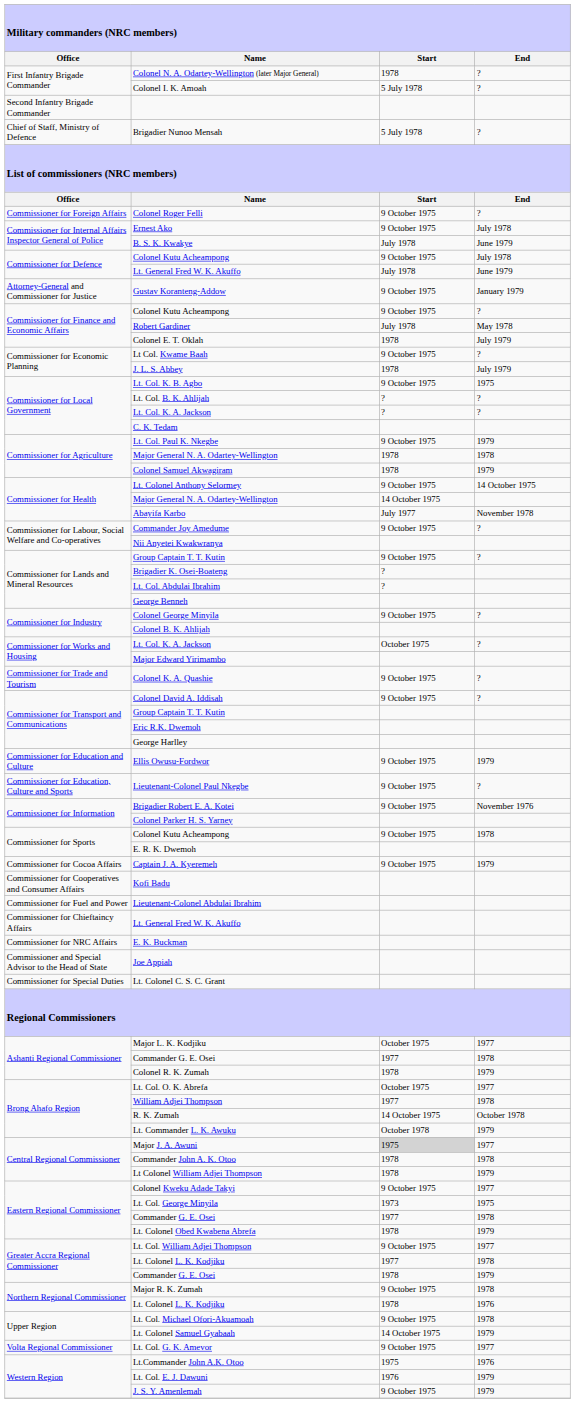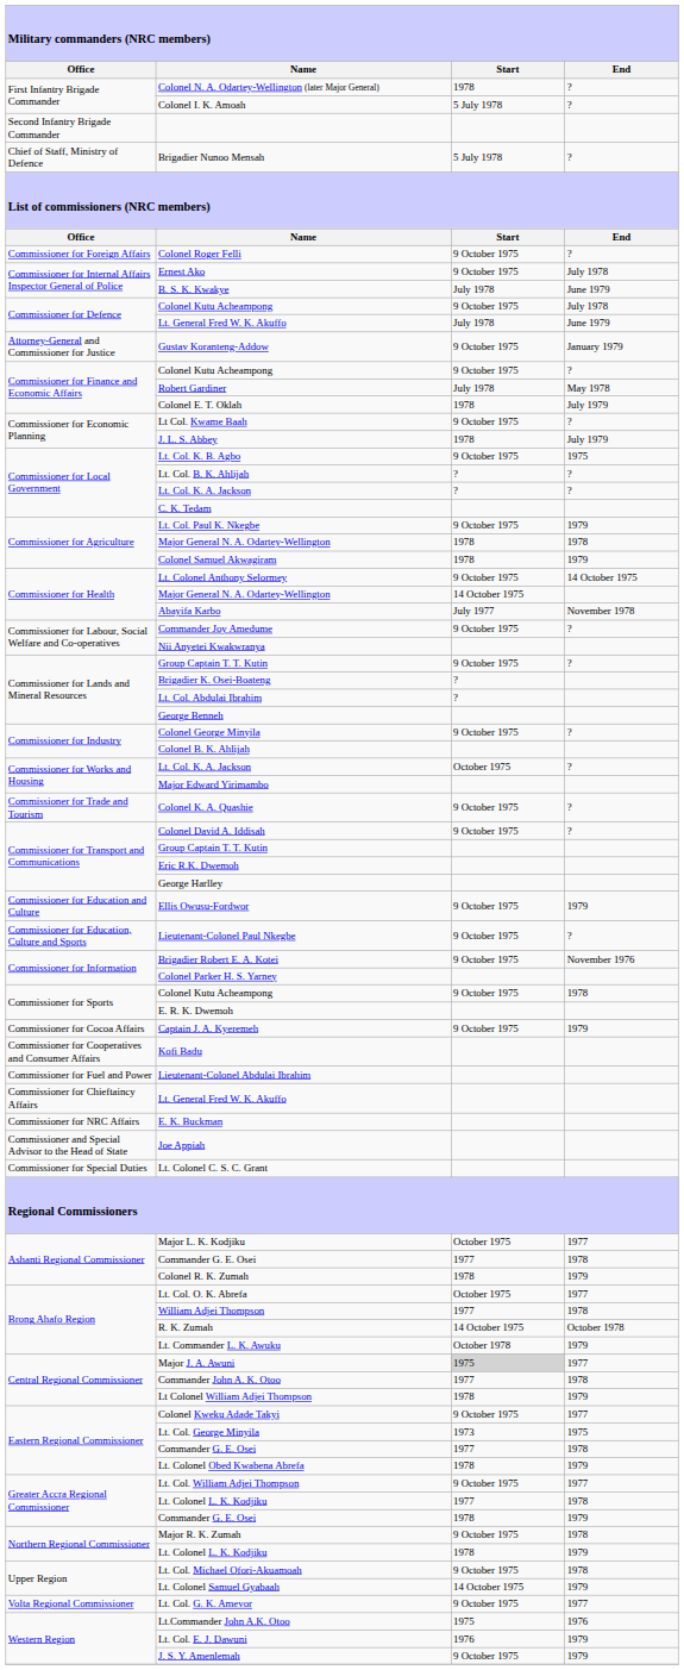 <table class="wikitable" style="font-size:90%; text-align:left; margin:1em auto;">
 <tr>
 <td colspan=4 bgcolor=ccccff><br><h3>Military commanders (NRC members)</h3></td>
 </tr>
 <tr>
 <th width=200>Office</th>
 <th width=400>Name</th>
 <th width=150>Start</th>
 <th width=150>End</th>
 </tr>
 <tr>
 <td rowspan=2>First Infantry Brigade Commander</td>
 <td><a href='#'>Colonel N. A. Odartey-Wellington</a> <small>(later Major General)</small></td>
 <td>1978</td>
 <td>?</td>
 </tr>
 <tr>
 <td>Colonel I. K. Amoah</td>
 <td>5 July 1978</td>
 <td>?</td>
 </tr>
 <tr>
 <td>Second Infantry Brigade Commander</td>
 <td></td>
 <td></td>
 <td></td>
 </tr>
 <tr>
 <td>Chief of Staff, Ministry of Defence</td>
 <td>Brigadier Nunoo Mensah</td>
 <td>5 July 1978</td>
 <td>?</td>
 </tr>
 <tr>
 <td colspan=6 bgcolor=ccccff><br><h3>List of commissioners (NRC members)</h3></td>
 </tr>
 <tr>
 <th width=200>Office</th>
 <th width=400>Name</th>
 <th width=150>Start</th>
 <th width=150>End</th>
 </tr>
 <tr>
 <td><a href='#'>Commissioner for Foreign Affairs</a></td>
 <td><a href='#'>Colonel Roger Felli</a></td>
 <td>9 October 1975</td>
 <td>?</td>
 </tr>
 <tr>
 <td rowspan=2><a href='#'>Commissioner for Internal Affairs</a><br><a href='#'>Inspector General of Police</a></td>
 <td><a href='#'>Ernest Ako</a></td>
 <td>9 October 1975</td>
 <td>July 1978</td>
 </tr>
 <tr>
 <td><a href='#'>B. S. K. Kwakye</a></td>
 <td>July 1978</td>
 <td>June 1979</td>
 </tr>
 <tr>
 <td rowspan=2><a href='#'>Commissioner for Defence</a></td>
 <td><a href='#'>Colonel Kutu Acheampong</a></td>
 <td>9 October 1975</td>
 <td>July 1978</td>
 </tr>
 <tr>
 <td><a href='#'>Lt. General Fred W. K. Akuffo</a></td>
 <td>July 1978</td>
 <td>June 1979</td>
 </tr>
 <tr>
 <td><a href='#'>Attorney-General</a> and<br>Commissioner for Justice</td>
 <td><a href='#'>Gustav Koranteng-Addow</a></td>
 <td>9 October 1975</td>
 <td>January 1979</td>
 </tr>
 <tr>
 <td rowspan=3><a href='#'>Commissioner for Finance and Economic Affairs</a></td>
 <td>Colonel Kutu Acheampong</td>
 <td>9 October 1975</td>
 <td>?</td>
 </tr>
 <tr>
 <td><a href='#'>Robert Gardiner</a></td>
 <td>July 1978</td>
 <td>May 1978</td>
 </tr>
 <tr>
 <td>Colonel E. T. Oklah</td>
 <td>1978</td>
 <td>July 1979</td>
 </tr>
 <tr>
 <td rowspan=2>Commissioner for Economic Planning</td>
 <td>Lt Col. <a href='#'>Kwame Baah</a></td>
 <td>9 October 1975</td>
 <td>?</td>
 </tr>
 <tr>
 <td><a href='#'>J. L. S. Abbey</a></td>
 <td>1978</td>
 <td>July 1979</td>
 </tr>
 <tr>
 <td rowspan=4><a href='#'>Commissioner for Local Government</a></td>
 <td><a href='#'>Lt. Col. K. B. Agbo</a></td>
 <td>9 October 1975</td>
 <td>1975</td>
 </tr>
 <tr>
 <td>Lt. Col. <a href='#'>B. K. Ahlijah</a></td>
 <td>?</td>
 <td>?</td>
 </tr>
 <tr>
 <td><a href='#'>Lt. Col. K. A. Jackson</a></td>
 <td>?</td>
 <td>?</td>
 </tr>
 <tr>
 <td><a href='#'>C. K. Tedam</a></td>
 <td></td>
 <td></td>
 </tr>
 <tr>
 <td rowspan=3><a href='#'>Commissioner for Agriculture</a></td>
 <td><a href='#'>Lt. Col. Paul K. Nkegbe</a></td>
 <td>9 October 1975</td>
 <td>1979</td>
 </tr>
 <tr>
 <td><a href='#'>Major General N. A. Odartey-Wellington</a></td>
 <td>1978</td>
 <td>1978</td>
 </tr>
 <tr>
 <td><a href='#'>Colonel Samuel Akwagiram</a></td>
 <td>1978</td>
 <td>1979</td>
 </tr>
 <tr>
 <td rowspan=3><a href='#'>Commissioner for Health</a></td>
 <td><a href='#'>Lt. Colonel Anthony Selormey</a></td>
 <td>9 October 1975</td>
 <td>14 October 1975</td>
 </tr>
 <tr>
 <td><a href='#'>Major General N. A. Odartey-Wellington</a></td>
 <td>14 October 1975</td>
 <td></td>
 </tr>
 <tr>
 <td><a href='#'>Abayifa Karbo</a></td>
 <td>July 1977</td>
 <td>November 1978</td>
 </tr>
 <tr>
 <td rowspan=2>Commissioner for Labour, Social Welfare and Co-operatives</td>
 <td><a href='#'>Commander Joy Amedume</a></td>
 <td>9 October 1975</td>
 <td>?</td>
 </tr>
 <tr>
 <td><a href='#'>Nii Anyetei Kwakwranya</a></td>
 <td></td>
 <td></td>
 </tr>
 <tr>
 <td rowspan=4>Commissioner for Lands and Mineral Resources</td>
 <td><a href='#'>Group Captain T. T. Kutin</a></td>
 <td>9 October 1975</td>
 <td>?</td>
 </tr>
 <tr>
 <td><a href='#'>Brigadier K. Osei-Boateng</a></td>
 <td>?</td>
 <td></td>
 </tr>
 <tr>
 <td><a href='#'>Lt. Col. Abdulai Ibrahim</a></td>
 <td>?</td>
 <td></td>
 </tr>
 <tr>
 <td><a href='#'>George Benneh</a></td>
 <td></td>
 <td></td>
 </tr>
 <tr>
 <td rowspan=2><a href='#'>Commissioner for Industry</a></td>
 <td><a href='#'>Colonel George Minyila</a></td>
 <td>9 October 1975</td>
 <td>?</td>
 </tr>
 <tr>
 <td><a href='#'>Colonel B. K. Ahlijah</a></td>
 <td></td>
 <td></td>
 </tr>
 <tr>
 <td rowspan=2><a href='#'>Commissioner for Works and Housing</a></td>
 <td><a href='#'>Lt. Col. K. A. Jackson</a></td>
 <td>October 1975</td>
 <td>?</td>
 </tr>
 <tr>
 <td><a href='#'>Major Edward Yirimambo</a></td>
 <td></td>
 <td></td>
 </tr>
 <tr>
 <td><a href='#'>Commissioner for Trade and Tourism</a></td>
 <td><a href='#'>Colonel K. A. Quashie</a></td>
 <td>9 October 1975</td>
 <td>?</td>
 </tr>
 <tr>
 <td rowspan=4><a href='#'>Commissioner for Transport and Communications</a></td>
 <td><a href='#'>Colonel David A. Iddisah</a></td>
 <td>9 October 1975</td>
 <td>?</td>
 </tr>
 <tr>
 <td><a href='#'>Group Captain T. T. Kutin</a></td>
 <td></td>
 <td></td>
 </tr>
 <tr>
 <td><a href='#'>Eric R.K. Dwemoh</a></td>
 <td></td>
 <td></td>
 </tr>
 <tr>
 <td>George Harlley</td>
 <td></td>
 <td></td>
 </tr>
 <tr>
 <td><a href='#'>Commissioner for Education and Culture</a></td>
 <td><a href='#'>Ellis Owusu-Fordwor</a></td>
 <td>9 October 1975</td>
 <td>1979</td>
 </tr>
 <tr>
 <td><a href='#'>Commissioner for Education, Culture and Sports</a></td>
 <td><a href='#'>Lieutenant-Colonel Paul Nkegbe</a></td>
 <td>9 October 1975</td>
 <td>?</td>
 </tr>
 <tr>
 <td rowspan=2><a href='#'>Commissioner for Information</a></td>
 <td><a href='#'>Brigadier Robert E. A. Kotei</a></td>
 <td>9 October 1975</td>
 <td>November 1976</td>
 </tr>
 <tr>
 <td><a href='#'>Colonel Parker H. S. Yarney</a></td>
 <td></td>
 <td></td>
 </tr>
 <tr>
 <td rowspan=2>Commissioner for Sports</td>
 <td>Colonel Kutu Acheampong</td>
 <td>9 October 1975</td>
 <td>1978</td>
 </tr>
 <tr>
 <td>E. R. K. Dwemoh</td>
 <td></td>
 <td></td>
 </tr>
 <tr>
 <td>Commissioner for Cocoa Affairs</td>
 <td><a href='#'>Captain J. A. Kyeremeh</a></td>
 <td>9 October 1975</td>
 <td>1979</td>
 </tr>
 <tr>
 <td>Commissioner for Cooperatives and Consumer Affairs</td>
 <td><a href='#'>Kofi Badu</a></td>
 <td></td>
 <td></td>
 </tr>
 <tr>
 <td>Commissioner for Fuel and Power</td>
 <td><a href='#'>Lieutenant-Colonel Abdulai Ibrahim</a></td>
 <td></td>
 <td></td>
 </tr>
 <tr>
 <td>Commissioner for Chieftaincy Affairs</td>
 <td><a href='#'>Lt. General Fred W. K. Akuffo</a></td>
 <td></td>
 <td></td>
 </tr>
 <tr>
 <td>Commissioner for NRC Affairs</td>
 <td><a href='#'>E. K. Buckman</a></td>
 <td></td>
 <td></td>
 </tr>
 <tr>
 <td>Commissioner and Special Advisor to the Head of State</td>
 <td><a href='#'>Joe Appiah</a></td>
 <td></td>
 <td></td>
 </tr>
 <tr>
 <td>Commissioner for Special Duties</td>
 <td>Lt. Colonel C. S. C. Grant</td>
 <td></td>
 <td></td>
 </tr>
 <tr>
 <td colspan=4 bgcolor=ccccff><br><h3>Regional Commissioners</h3></td>
 </tr>
 <tr>
 <td rowspan=3><a href='#'>Ashanti Regional Commissioner</a></td>
 <td>Major L. K. Kodjiku</td>
 <td>October 1975</td>
 <td>1977</td>
 </tr>
 <tr>
 <td>Commander G. E. Osei</td>
 <td>1977</td>
 <td>1978</td>
 </tr>
 <tr>
 <td>Colonel R. K. Zumah</td>
 <td>1978</td>
 <td>1979</td>
 </tr>
 <tr>
 <td rowspan="4"><a href='#'>Brong Ahafo Region</a></td>
 <td>Lt. Col. O. K. Abrefa</td>
 <td>October 1975</td>
 <td>1977</td>
 </tr>
 <tr>
 <td><a href='#'>William Adjei Thompson</a></td>
 <td>1977</td>
 <td>1978</td>
 </tr>
 <tr>
 <td>R. K. Zumah</td>
 <td>14 October 1975</td>
 <td>October 1978</td>
 </tr>
 <tr>
 <td>Lt. Commander <a href='#'>L. K. Awuku</a></td>
 <td>October 1978</td>
 <td>1979</td>
 </tr>
 <tr>
 <td rowspan=3><a href='#'>Central Regional Commissioner</a></td>
 <td>Major <a href='#'>J. A. Awuni</a></td>
 <td style="background: lightgrey;">1975</td>
 <td>1977</td>
 </tr>
 <tr>
 <td>Commander <a href='#'>John A. K. Otoo</a></td>
-<td>1978</td>
+<td>1977</td>
 <td>1978</td>
 </tr>
 <tr>
 <td>Lt Colonel <a href='#'>William Adjei Thompson</a></td>
 <td>1978</td>
 <td>1979</td>
 </tr>
 <tr>
 <td rowspan=4><a href='#'>Eastern Regional Commissioner</a></td>
 <td>Colonel <a href='#'>Kweku Adade Takyi</a></td>
 <td>9 October 1975</td>
 <td>1977</td>
 </tr>
 <tr>
 <td>Lt. Col. <a href='#'>George Minyila</a></td>
 <td>1973</td>
 <td>1975</td>
 </tr>
 <tr>
 <td>Commander <a href='#'>G. E. Osei</a></td>
 <td>1977</td>
 <td>1978</td>
 </tr>
 <tr>
 <td>Lt. Colonel <a href='#'>Obed Kwabena Abrefa</a></td>
 <td>1978</td>
 <td>1979</td>
 </tr>
 <tr>
 <td rowspan=3><a href='#'>Greater Accra Regional Commissioner</a></td>
 <td>Lt. Col. <a href='#'>William Adjei Thompson</a></td>
 <td>9 October 1975</td>
 <td>1977</td>
 </tr>
 <tr>
 <td>Lt. Colonel <a href='#'>L. K. Kodjiku</a></td>
 <td>1977</td>
 <td>1978</td>
 </tr>
 <tr>
 <td>Commander <a href='#'>G. E. Osei</a></td>
 <td>1978</td>
 <td>1979</td>
 </tr>
 <tr>
 <td rowspan=2><a href='#'>Northern Regional Commissioner</a></td>
 <td>Major R. K. Zumah</td>
 <td>9 October 1975</td>
 <td>1978</td>
 </tr>
 <tr>
 <td>Lt. Colonel <a href='#'>L. K. Kodjiku</a></td>
 <td>1978</td>
-<td>1976</td>
+<td>1979</td>
 </tr>
 <tr>
 <td rowspan=2>Upper Region</td>
 <td>Lt. Col. <a href='#'>Michael Ofori-Akuamoah</a></td>
 <td>9 October 1975</td>
 <td>1978</td>
 </tr>
 <tr>
 <td>Lt. Colonel <a href='#'>Samuel Gyabaah</a></td>
 <td>14 October 1975</td>
 <td>1979</td>
 </tr>
 <tr>
 <td><a href='#'>Volta Regional Commissioner</a></td>
 <td>Lt. Col. <a href='#'>G. K. Amevor</a></td>
 <td>9 October 1975</td>
 <td>1977</td>
 </tr>
 <tr>
 <td rowspan=3><a href='#'>Western Region</a></td>
 <td>Lt.Commander <a href='#'>John A.K. Otoo</a></td>
 <td>1975</td>
 <td>1976</td>
 </tr>
 <tr>
 <td>Lt. Col. <a href='#'>E. J. Dawuni</a></td>
 <td>1976</td>
 <td>1979</td>
 </tr>
 <tr>
 <td><a href='#'>J. S. Y. Amenlemah</a></td>
 <td>9 October 1975</td>
 <td>1979</td>
 </tr>
 <tr>
 </tr>
 </table>
